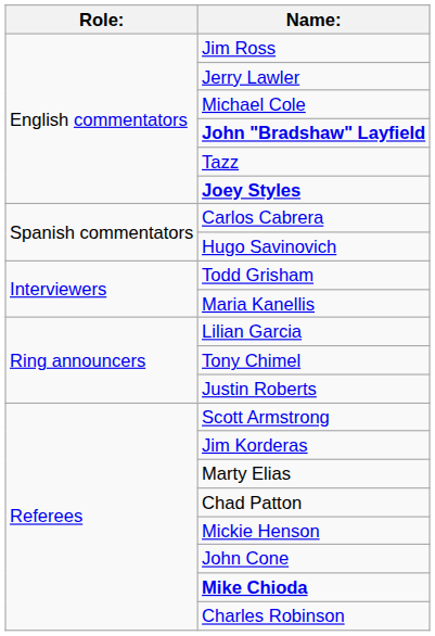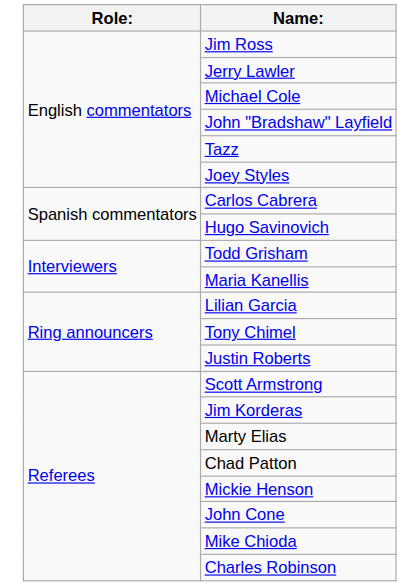 <table class="wikitable" border="1" style="float:right; font-size:90%; margin:0.5em 0 0.5em 1em; float:right; clear:right;">
 <tr>
 <th>Role:</th>
 <th>Name:</th>
 </tr>
 <tr>
 <td rowspan=6>English <a href='#'>commentators</a></td>
 <td><a href='#'>Jim Ross</a> </td>
 </tr>
 <tr>
 <td><a href='#'>Jerry Lawler</a> </td>
 </tr>
 <tr>
 <td><a href='#'>Michael Cole</a> </td>
 </tr>
 <tr>
-<td><strong><a href='#'>John "Bradshaw" Layfield</a> </strong></td>
+<td><a href='#'>John "Bradshaw" Layfield</a> </td>
 </tr>
 <tr>
 <td><a href='#'>Tazz</a> </td>
 </tr>
 <tr>
-<td><strong><a href='#'>Joey Styles</a> </strong></td>
+<td><a href='#'>Joey Styles</a> </td>
 </tr>
 <tr>
 <td rowspan=2>Spanish commentators</td>
 <td><a href='#'>Carlos Cabrera</a></td>
 </tr>
 <tr>
 <td><a href='#'>Hugo Savinovich</a></td>
 </tr>
 <tr>
 <td rowspan=2><a href='#'>Interviewers</a></td>
 <td><a href='#'>Todd Grisham</a></td>
 </tr>
 <tr>
 <td><a href='#'>Maria Kanellis</a></td>
 </tr>
 <tr>
 <td rowspan=3><a href='#'>Ring announcers</a></td>
 <td><a href='#'>Lilian Garcia</a> </td>
 </tr>
 <tr>
 <td><a href='#'>Tony Chimel</a> </td>
 </tr>
 <tr>
 <td><a href='#'>Justin Roberts</a> </td>
 </tr>
 <tr>
 <td rowspan=8><a href='#'>Referees</a></td>
 <td><a href='#'>Scott Armstrong</a> </td>
 </tr>
 <tr>
 <td><a href='#'>Jim Korderas</a> </td>
 </tr>
 <tr>
 <td>Marty Elias </td>
 </tr>
 <tr>
 <td>Chad Patton </td>
 </tr>
 <tr>
 <td><a href='#'>Mickie Henson</a> </td>
 </tr>
 <tr>
 <td><a href='#'>John Cone</a> </td>
 </tr>
 <tr>
-<td><strong><a href='#'>Mike Chioda</a> </strong></td>
+<td><a href='#'>Mike Chioda</a> </td>
 </tr>
 <tr>
 <td><a href='#'>Charles Robinson</a> </td>
 </tr>
 </table>
